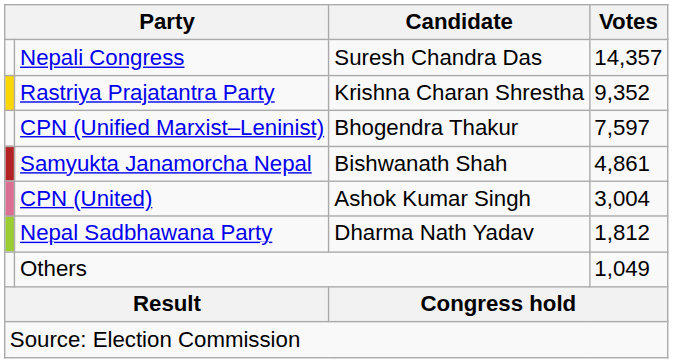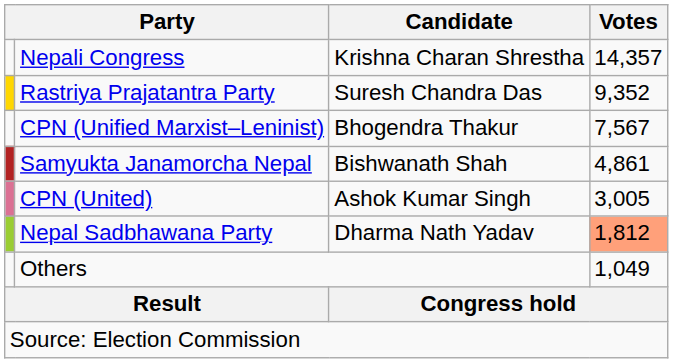 <table class="wikitable">
 <tr>
 <th colspan="2">Party</th>
 <th>Candidate</th>
 <th>Votes</th>
 </tr>
 <tr>
 <td style="background-color:"></td>
 <td><a href='#'>Nepali Congress</a></td>
-<td>Suresh Chandra Das</td>
+<td>Krishna Charan Shrestha</td>
 <td>14,357</td>
 </tr>
 <tr>
 <td style="background-color:gold"></td>
 <td><a href='#'>Rastriya Prajatantra Party</a></td>
-<td>Krishna Charan Shrestha</td>
+<td>Suresh Chandra Das</td>
 <td>9,352</td>
 </tr>
 <tr>
 <td style="background-color:"></td>
 <td><a href='#'>CPN (Unified Marxist–Leninist)</a></td>
 <td>Bhogendra Thakur</td>
-<td>7,597</td>
+<td>7,567</td>
 </tr>
 <tr>
 <td style="background-color:firebrick"></td>
 <td><a href='#'>Samyukta Janamorcha Nepal</a></td>
 <td>Bishwanath Shah</td>
 <td>4,861</td>
 </tr>
 <tr>
 <td style="background-color:palevioletred"></td>
 <td><a href='#'>CPN (United)</a></td>
 <td>Ashok Kumar Singh</td>
-<td>3,004</td>
+<td>3,005</td>
 </tr>
 <tr>
 <td style="background-color:yellowgreen"></td>
 <td><a href='#'>Nepal Sadbhawana Party</a></td>
 <td>Dharma Nath Yadav</td>
-<td>1,812</td>
+<td style="background: lightsalmon;">1,812</td>
 </tr>
 <tr>
 <td></td>
 <td colspan="2">Others</td>
 <td>1,049</td>
 </tr>
 <tr>
 <th colspan="2">Result</th>
 <th colspan="2">Congress hold</th>
 </tr>
 <tr>
 <td colspan="4">Source: Election Commission</td>
 </tr>
 </table>
